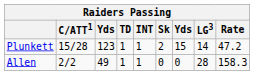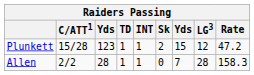 <table class="wikitable">
 <tr>
 <th colspan="9">Raiders Passing</th>
 </tr>
 <tr>
 <th></th>
 <th>C/ATT<sup>1</sup></th>
 <th>Yds</th>
 <th>TD</th>
 <th>INT</th>
 <th>Sk</th>
 <th>Yds</th>
 <th>LG<sup>3</sup></th>
 <th>Rate</th>
 </tr>
 <tr>
 <td><a href='#'>Plunkett</a></td>
 <td>15/28</td>
 <td>123</td>
 <td>1</td>
 <td>1</td>
 <td>2</td>
 <td>15</td>
-<td>14</td>
+<td>12</td>
 <td>47.2</td>
 </tr>
 <tr>
 <td><a href='#'>Allen</a></td>
 <td>2/2</td>
-<td>49</td>
+<td>28</td>
 <td>1</td>
 <td>1</td>
 <td>0</td>
-<td>0</td>
+<td>7</td>
 <td>28</td>
 <td>158.3</td>
 </tr>
 </table>
